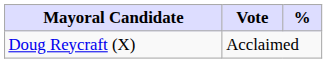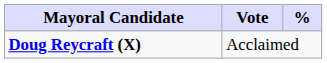 <table class="wikitable">
 <tr>
 <th style="background:#ddf; width:200px;">Mayoral Candidate </th>
 <th style="background:#ddf; width:50px;">Vote</th>
 <th style="background:#ddf; width:30px;">%</th>
 </tr>
 <tr>
-<td><a href='#'>Doug Reycraft</a> (X)</td>
+<td><strong><a href='#'>Doug Reycraft</a> (X)</strong></td>
 <td colspan="2">Acclaimed</td>
 </tr>
 </table>
